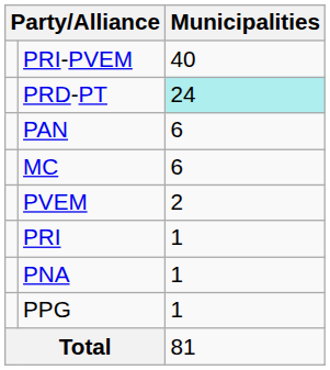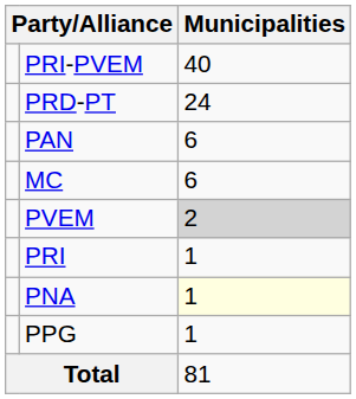 <table class="wikitable">
 <tr>
 <th colspan="2">Party/Alliance</th>
 <th>Municipalities</th>
 </tr>
 <tr>
 <td></td>
 <td><a href='#'>PRI</a>-<a href='#'>PVEM</a></td>
 <td>40</td>
 </tr>
 <tr>
 <td></td>
 <td><a href='#'>PRD</a>-<a href='#'>PT</a></td>
-<td style="background: paleturquoise;">24</td>
+<td>24</td>
 </tr>
 <tr>
 <td></td>
 <td><a href='#'>PAN</a></td>
 <td>6</td>
 </tr>
 <tr>
 <td></td>
 <td><a href='#'>MC</a></td>
 <td>6</td>
 </tr>
 <tr>
 <td></td>
 <td><a href='#'>PVEM</a></td>
-<td>2</td>
+<td style="background: lightgrey;">2</td>
 </tr>
 <tr>
 <td></td>
 <td><a href='#'>PRI</a></td>
 <td>1</td>
 </tr>
 <tr>
 <td></td>
 <td><a href='#'>PNA</a></td>
-<td>1</td>
+<td style="background: lightyellow;">1</td>
 </tr>
 <tr>
 <td></td>
 <td>PPG</td>
 <td>1</td>
 </tr>
 <tr>
 <th colspan="2">Total</th>
 <td>81</td>
 </tr>
 </table>
